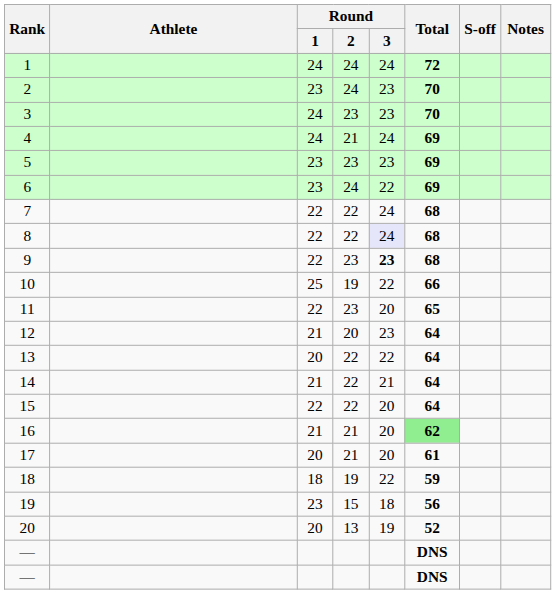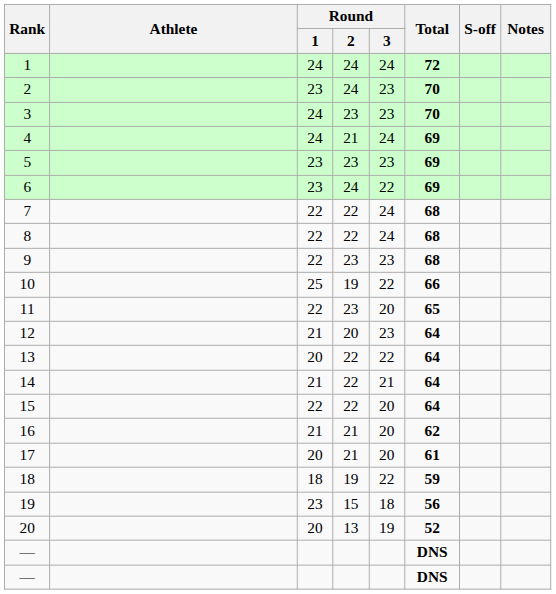 <table class="wikitable" style="text-align:center">
 <tr>
 <th rowspan=2 width=40>Rank</th>
 <th rowspan=2 width=250>Athlete</th>
 <th colspan=3>Round</th>
 <th rowspan=2 width=50>Total</th>
 <th rowspan=2 width=35>S-off</th>
 <th rowspan=2 width=45>Notes</th>
 </tr>
 <tr>
 <th width=30>1</th>
 <th width=30>2</th>
 <th width=30>3</th>
 </tr>
 <tr bgcolor=ccffcc>
 <td>1</td>
 <td align=left></td>
 <td>24</td>
 <td>24</td>
 <td>24</td>
 <td><strong>72</strong></td>
 <td></td>
 <td></td>
 </tr>
 <tr bgcolor=ccffcc>
 <td>2</td>
 <td align=left></td>
 <td>23</td>
 <td>24</td>
 <td>23</td>
 <td><strong>70</strong></td>
 <td></td>
 <td></td>
 </tr>
 <tr bgcolor=ccffcc>
 <td>3</td>
 <td align=left></td>
 <td>24</td>
 <td>23</td>
 <td>23</td>
 <td><strong>70</strong></td>
 <td></td>
 <td></td>
 </tr>
 <tr bgcolor=ccffcc>
 <td>4</td>
 <td align=left></td>
 <td>24</td>
 <td>21</td>
 <td>24</td>
 <td><strong>69</strong></td>
 <td></td>
 <td></td>
 </tr>
 <tr bgcolor=ccffcc>
 <td>5</td>
 <td align=left></td>
 <td>23</td>
 <td>23</td>
 <td>23</td>
 <td><strong>69</strong></td>
 <td></td>
 <td></td>
 </tr>
 <tr bgcolor=ccffcc>
 <td>6</td>
 <td align=left></td>
 <td>23</td>
 <td>24</td>
 <td>22</td>
 <td><strong>69</strong></td>
 <td></td>
 <td></td>
 </tr>
 <tr>
 <td>7</td>
 <td align=left></td>
 <td>22</td>
 <td>22</td>
 <td>24</td>
 <td><strong>68</strong></td>
 <td></td>
 <td></td>
 </tr>
 <tr>
 <td>8</td>
 <td align=left></td>
 <td>22</td>
 <td>22</td>
-<td style="background: lavender;">24</td>
+<td>24</td>
 <td><strong>68</strong></td>
 <td></td>
 <td></td>
 </tr>
 <tr>
 <td>9</td>
 <td align=left></td>
 <td>22</td>
 <td>23</td>
-<td><strong>23</strong></td>
+<td>23</td>
 <td><strong>68</strong></td>
 <td></td>
 <td></td>
 </tr>
 <tr>
 <td>10</td>
 <td align=left></td>
 <td>25</td>
 <td>19</td>
 <td>22</td>
 <td><strong>66</strong></td>
 <td></td>
 <td></td>
 </tr>
 <tr>
 <td>11</td>
 <td align=left></td>
 <td>22</td>
 <td>23</td>
 <td>20</td>
 <td><strong>65</strong></td>
 <td></td>
 <td></td>
 </tr>
 <tr>
 <td>12</td>
 <td align=left></td>
 <td>21</td>
 <td>20</td>
 <td>23</td>
 <td><strong>64</strong></td>
 <td></td>
 <td></td>
 </tr>
 <tr>
 <td>13</td>
 <td align=left></td>
 <td>20</td>
 <td>22</td>
 <td>22</td>
 <td><strong>64</strong></td>
 <td></td>
 <td></td>
 </tr>
 <tr>
 <td>14</td>
 <td align=left></td>
 <td>21</td>
 <td>22</td>
 <td>21</td>
 <td><strong>64</strong></td>
 <td></td>
 <td></td>
 </tr>
 <tr>
 <td>15</td>
 <td align=left></td>
 <td>22</td>
 <td>22</td>
 <td>20</td>
 <td><strong>64</strong></td>
 <td></td>
 <td></td>
 </tr>
 <tr>
 <td>16</td>
 <td align=left></td>
 <td>21</td>
 <td>21</td>
 <td>20</td>
-<td style="background: lightgreen;"><strong>62</strong></td>
+<td><strong>62</strong></td>
 <td></td>
 <td></td>
 </tr>
 <tr>
 <td>17</td>
 <td align=left></td>
 <td>20</td>
 <td>21</td>
 <td>20</td>
 <td><strong>61</strong></td>
 <td></td>
 <td></td>
 </tr>
 <tr>
 <td>18</td>
 <td align=left></td>
 <td>18</td>
 <td>19</td>
 <td>22</td>
 <td><strong>59</strong></td>
 <td></td>
 <td></td>
 </tr>
 <tr>
 <td>19</td>
 <td align=left></td>
 <td>23</td>
 <td>15</td>
 <td>18</td>
 <td><strong>56</strong></td>
 <td></td>
 <td></td>
 </tr>
 <tr>
 <td>20</td>
 <td align=left></td>
 <td>20</td>
 <td>13</td>
 <td>19</td>
 <td><strong>52</strong></td>
 <td></td>
 <td></td>
 </tr>
 <tr>
 <td>—</td>
 <td align=left></td>
 <td></td>
 <td></td>
 <td></td>
 <td><strong>DNS</strong></td>
 <td></td>
 <td></td>
 </tr>
 <tr>
 <td>—</td>
 <td align=left></td>
 <td></td>
 <td></td>
 <td></td>
 <td><strong>DNS</strong></td>
 <td></td>
 <td></td>
 </tr>
 </table>
